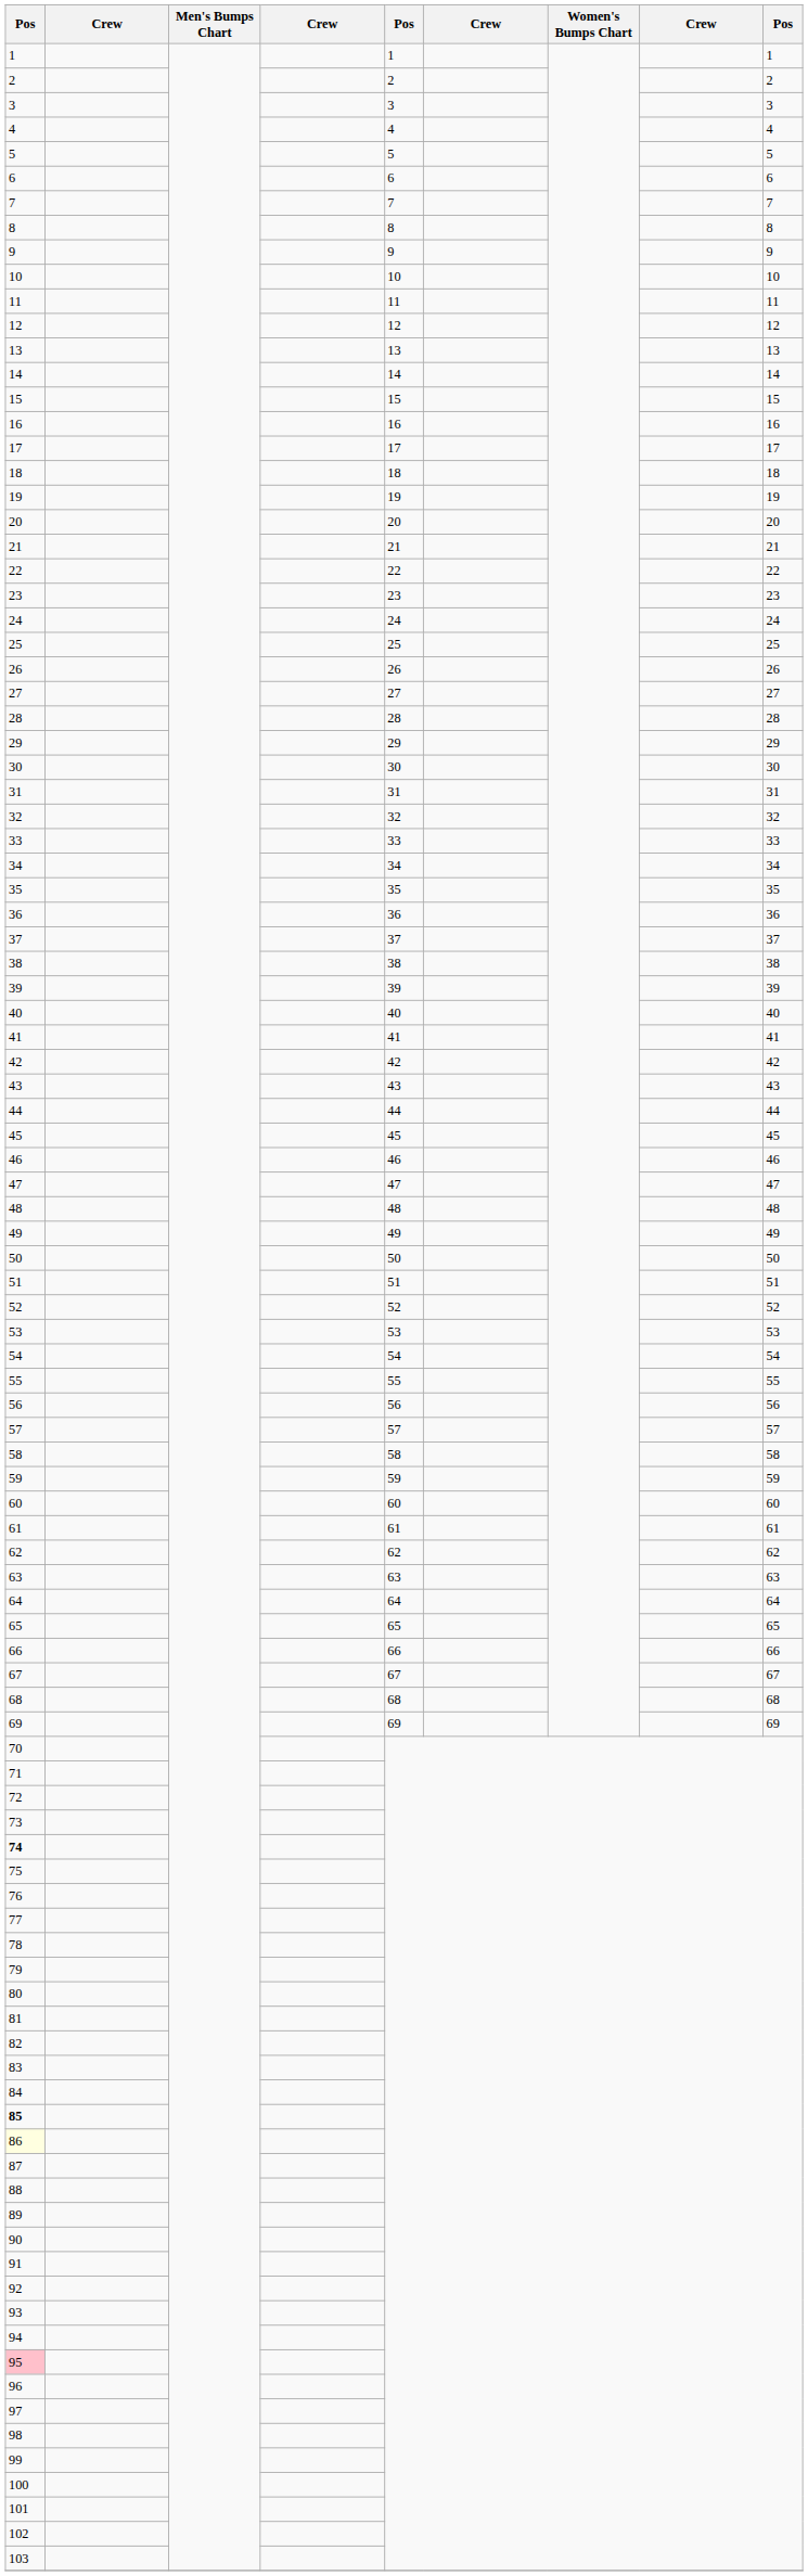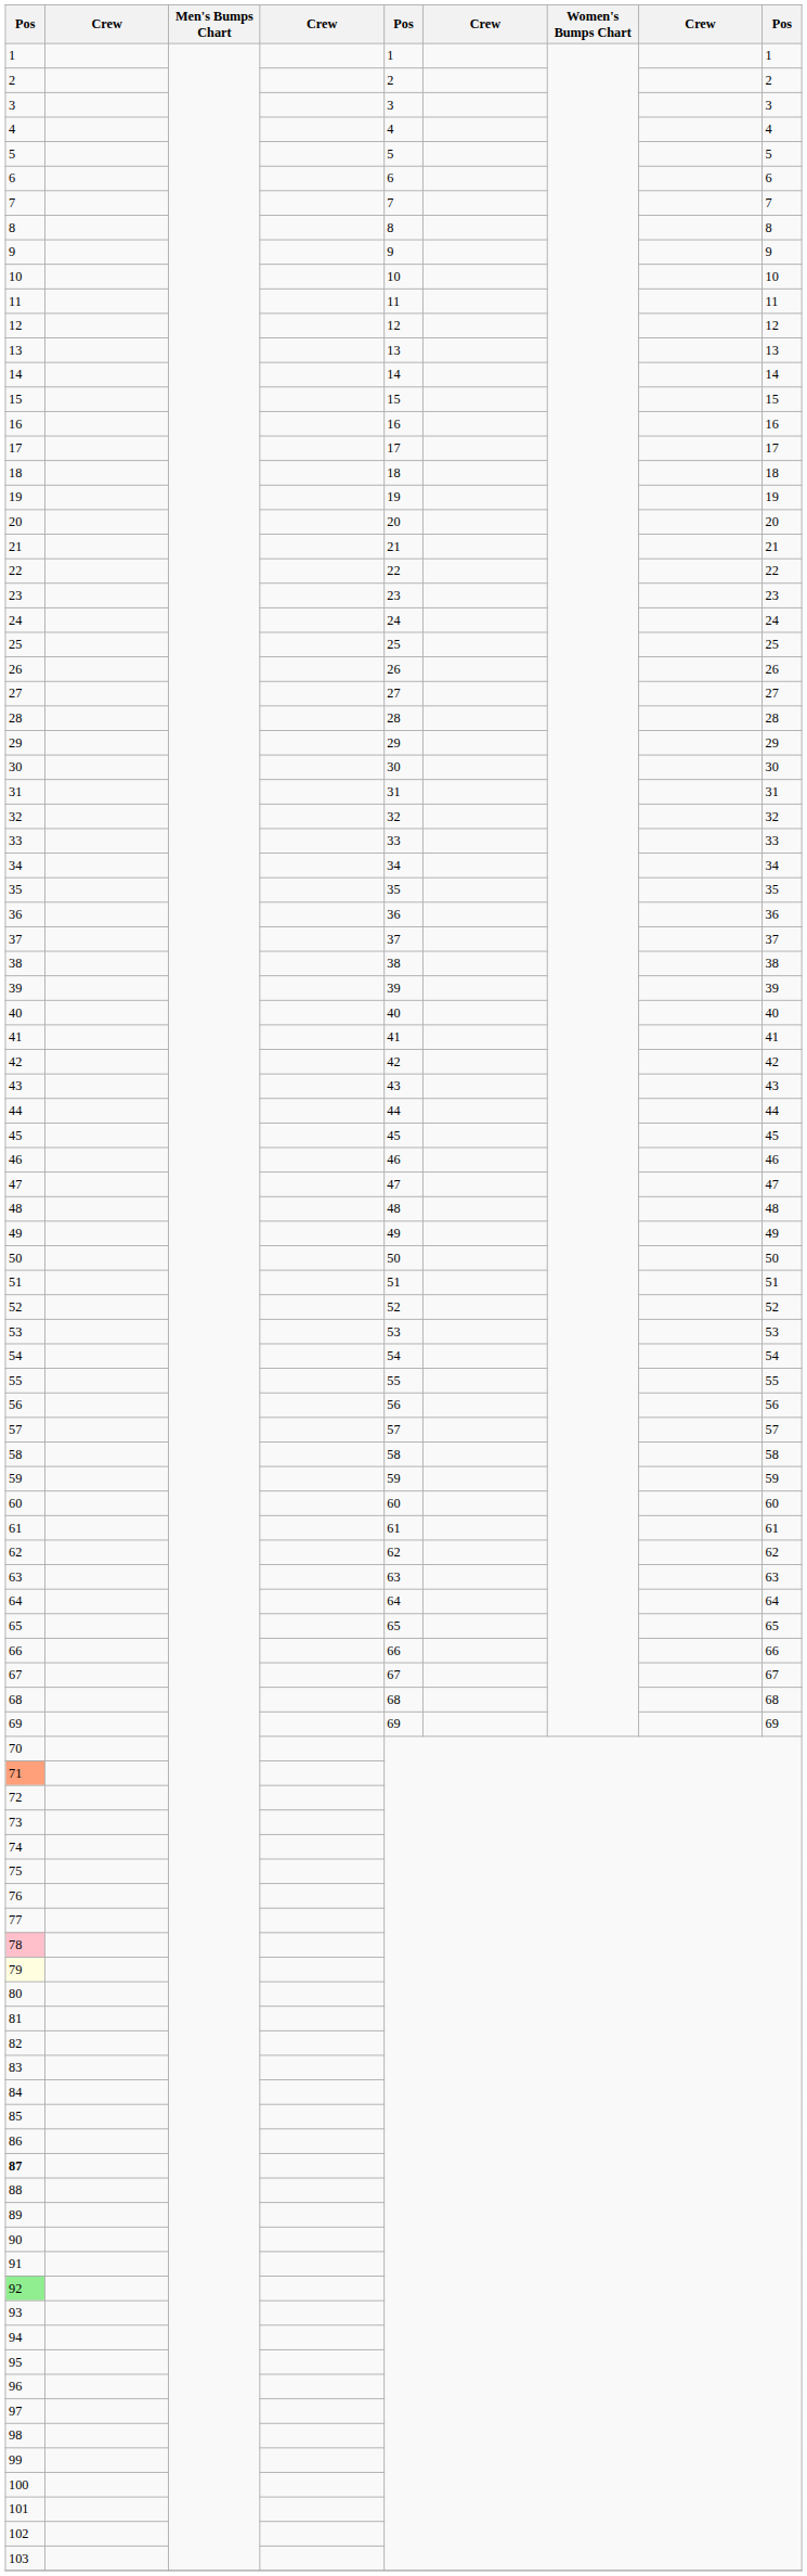 <table class="wikitable" style="font-size:88%; white-space:nowrap; margin:0.5em auto">
 <tr style="white-space:normal">
 <th width=35>Pos</th>
 <th width=125>Crew</th>
 <th width=90>Men's Bumps Chart</th>
 <th width=125>Crew</th>
 <th width=35>Pos</th>
 <th width=125>Crew</th>
 <th width=90>Women's Bumps Chart</th>
 <th width=125>Crew</th>
 <th width=35>Pos</th>
 </tr>
 <tr style="height:26px">
 <td>1</td>
 <td></td>
 <td rowspan="103"  style="padding:0"></td>
 <td></td>
 <td>1</td>
 <td></td>
 <td rowspan="69"  style="padding:0"></td>
 <td></td>
 <td>1</td>
 </tr>
 <tr style="height:26px">
 <td>2</td>
 <td></td>
 <td></td>
 <td>2</td>
 <td></td>
 <td></td>
 <td>2</td>
 </tr>
 <tr style="height:26px">
 <td>3</td>
 <td></td>
 <td></td>
 <td>3</td>
 <td></td>
 <td></td>
 <td>3</td>
 </tr>
 <tr style="height:26px">
 <td>4</td>
 <td></td>
 <td></td>
 <td>4</td>
 <td></td>
 <td></td>
 <td>4</td>
 </tr>
 <tr style="height:26px">
 <td>5</td>
 <td></td>
 <td></td>
 <td>5</td>
 <td></td>
 <td></td>
 <td>5</td>
 </tr>
 <tr style="height:26px">
 <td>6</td>
 <td></td>
 <td></td>
 <td>6</td>
 <td></td>
 <td></td>
 <td>6</td>
 </tr>
 <tr style="height:26px">
 <td>7</td>
 <td></td>
 <td></td>
 <td>7</td>
 <td></td>
 <td></td>
 <td>7</td>
 </tr>
 <tr style="height:26px">
 <td>8</td>
 <td></td>
 <td></td>
 <td>8</td>
 <td></td>
 <td></td>
 <td>8</td>
 </tr>
 <tr style="height:26px">
 <td>9</td>
 <td></td>
 <td></td>
 <td>9</td>
 <td></td>
 <td></td>
 <td>9</td>
 </tr>
 <tr style="height:26px">
 <td>10</td>
 <td></td>
 <td></td>
 <td>10</td>
 <td></td>
 <td></td>
 <td>10</td>
 </tr>
 <tr style="height:26px">
 <td>11</td>
 <td></td>
 <td></td>
 <td>11</td>
 <td></td>
 <td></td>
 <td>11</td>
 </tr>
 <tr style="height:26px">
 <td>12</td>
 <td></td>
 <td></td>
 <td>12</td>
 <td></td>
 <td></td>
 <td>12</td>
 </tr>
 <tr style="height:26px">
 <td>13</td>
 <td></td>
 <td></td>
 <td>13</td>
 <td></td>
 <td></td>
 <td>13</td>
 </tr>
 <tr style="height:26px">
 <td>14</td>
 <td></td>
 <td></td>
 <td>14</td>
 <td></td>
 <td></td>
 <td>14</td>
 </tr>
 <tr style="height:26px">
 <td>15</td>
 <td></td>
 <td></td>
 <td>15</td>
 <td></td>
 <td></td>
 <td>15</td>
 </tr>
 <tr style="height:26px">
 <td>16</td>
 <td></td>
 <td></td>
 <td>16</td>
 <td></td>
 <td></td>
 <td>16</td>
 </tr>
 <tr style="height:26px">
 <td>17</td>
 <td></td>
 <td></td>
 <td>17</td>
 <td></td>
 <td></td>
 <td>17</td>
 </tr>
 <tr style="height:26px">
 <td>18</td>
 <td></td>
 <td></td>
 <td>18</td>
 <td></td>
 <td></td>
 <td>18</td>
 </tr>
 <tr style="height:26px">
 <td>19</td>
 <td></td>
 <td></td>
 <td>19</td>
 <td></td>
 <td></td>
 <td>19</td>
 </tr>
 <tr style="height:26px">
 <td>20</td>
 <td></td>
 <td></td>
 <td>20</td>
 <td></td>
 <td></td>
 <td>20</td>
 </tr>
 <tr style="height:26px">
 <td>21</td>
 <td></td>
 <td></td>
 <td>21</td>
 <td></td>
 <td></td>
 <td>21</td>
 </tr>
 <tr style="height:26px">
 <td>22</td>
 <td></td>
 <td></td>
 <td>22</td>
 <td></td>
 <td></td>
 <td>22</td>
 </tr>
 <tr style="height:26px">
 <td>23</td>
 <td></td>
 <td></td>
 <td>23</td>
 <td></td>
 <td></td>
 <td>23</td>
 </tr>
 <tr style="height:26px">
 <td>24</td>
 <td></td>
 <td></td>
 <td>24</td>
 <td></td>
 <td></td>
 <td>24</td>
 </tr>
 <tr style="height:26px">
 <td>25</td>
 <td></td>
 <td></td>
 <td>25</td>
 <td></td>
 <td></td>
 <td>25</td>
 </tr>
 <tr style="height:26px">
 <td>26</td>
 <td></td>
 <td></td>
 <td>26</td>
 <td></td>
 <td></td>
 <td>26</td>
 </tr>
 <tr style="height:26px">
 <td>27</td>
 <td></td>
 <td></td>
 <td>27</td>
 <td></td>
 <td></td>
 <td>27</td>
 </tr>
 <tr style="height:26px">
 <td>28</td>
 <td></td>
 <td></td>
 <td>28</td>
 <td></td>
 <td></td>
 <td>28</td>
 </tr>
 <tr style="height:26px">
 <td>29</td>
 <td></td>
 <td></td>
 <td>29</td>
 <td></td>
 <td></td>
 <td>29</td>
 </tr>
 <tr style="height:26px">
 <td>30</td>
 <td></td>
 <td></td>
 <td>30</td>
 <td></td>
 <td></td>
 <td>30</td>
 </tr>
 <tr style="height:26px">
 <td>31</td>
 <td></td>
 <td></td>
 <td>31</td>
 <td></td>
 <td></td>
 <td>31</td>
 </tr>
 <tr style="height:26px">
 <td>32</td>
 <td></td>
 <td></td>
 <td>32</td>
 <td></td>
 <td></td>
 <td>32</td>
 </tr>
 <tr style="height:26px">
 <td>33</td>
 <td></td>
 <td></td>
 <td>33</td>
 <td></td>
 <td></td>
 <td>33</td>
 </tr>
 <tr style="height:26px">
 <td>34</td>
 <td></td>
 <td></td>
 <td>34</td>
 <td></td>
 <td></td>
 <td>34</td>
 </tr>
 <tr style="height:26px">
 <td>35</td>
 <td></td>
 <td></td>
 <td>35</td>
 <td></td>
 <td></td>
 <td>35</td>
 </tr>
 <tr style="height:26px">
 <td>36</td>
 <td></td>
 <td></td>
 <td>36</td>
 <td></td>
 <td></td>
 <td>36</td>
 </tr>
 <tr style="height:26px">
 <td>37</td>
 <td></td>
 <td></td>
 <td>37</td>
 <td></td>
 <td></td>
 <td>37</td>
 </tr>
 <tr style="height:26px">
 <td>38</td>
 <td></td>
 <td></td>
 <td>38</td>
 <td></td>
 <td></td>
 <td>38</td>
 </tr>
 <tr style="height:26px">
 <td>39</td>
 <td></td>
 <td></td>
 <td>39</td>
 <td></td>
 <td></td>
 <td>39</td>
 </tr>
 <tr style="height:26px">
 <td>40</td>
 <td></td>
 <td></td>
 <td>40</td>
 <td></td>
 <td></td>
 <td>40</td>
 </tr>
 <tr style="height:26px">
 <td>41</td>
 <td></td>
 <td></td>
 <td>41</td>
 <td></td>
 <td></td>
 <td>41</td>
 </tr>
 <tr style="height:26px">
 <td>42</td>
 <td></td>
 <td></td>
 <td>42</td>
 <td></td>
 <td></td>
 <td>42</td>
 </tr>
 <tr style="height:26px">
 <td>43</td>
 <td></td>
 <td></td>
 <td>43</td>
 <td></td>
 <td></td>
 <td>43</td>
 </tr>
 <tr style="height:26px">
 <td>44</td>
 <td></td>
 <td></td>
 <td>44</td>
 <td></td>
 <td></td>
 <td>44</td>
 </tr>
 <tr style="height:26px">
 <td>45</td>
 <td></td>
 <td></td>
 <td>45</td>
 <td></td>
 <td></td>
 <td>45</td>
 </tr>
 <tr style="height:26px">
 <td>46</td>
 <td></td>
 <td></td>
 <td>46</td>
 <td></td>
 <td></td>
 <td>46</td>
 </tr>
 <tr style="height:26px">
 <td>47</td>
 <td></td>
 <td></td>
 <td>47</td>
 <td></td>
 <td></td>
 <td>47</td>
 </tr>
 <tr style="height:26px">
 <td>48</td>
 <td></td>
 <td></td>
 <td>48</td>
 <td></td>
 <td></td>
 <td>48</td>
 </tr>
 <tr style="height:26px">
 <td>49</td>
 <td></td>
 <td></td>
 <td>49</td>
 <td></td>
 <td></td>
 <td>49</td>
 </tr>
 <tr style="height:26px">
 <td>50</td>
 <td></td>
 <td></td>
 <td>50</td>
 <td></td>
 <td></td>
 <td>50</td>
 </tr>
 <tr style="height:26px">
 <td>51</td>
 <td></td>
 <td></td>
 <td>51</td>
 <td></td>
 <td></td>
 <td>51</td>
 </tr>
 <tr style="height:26px">
 <td>52</td>
 <td></td>
 <td></td>
 <td>52</td>
 <td></td>
 <td></td>
 <td>52</td>
 </tr>
 <tr style="height:26px">
 <td>53</td>
 <td></td>
 <td></td>
 <td>53</td>
 <td></td>
 <td></td>
 <td>53</td>
 </tr>
 <tr style="height:26px">
 <td>54</td>
 <td></td>
 <td></td>
 <td>54</td>
 <td></td>
 <td></td>
 <td>54</td>
 </tr>
 <tr style="height:26px">
 <td>55</td>
 <td></td>
 <td></td>
 <td>55</td>
 <td></td>
 <td></td>
 <td>55</td>
 </tr>
 <tr style="height:26px">
 <td>56</td>
 <td></td>
 <td></td>
 <td>56</td>
 <td></td>
 <td></td>
 <td>56</td>
 </tr>
 <tr style="height:26px">
 <td>57</td>
 <td></td>
 <td></td>
 <td>57</td>
 <td></td>
 <td></td>
 <td>57</td>
 </tr>
 <tr style="height:26px">
 <td>58</td>
 <td></td>
 <td></td>
 <td>58</td>
 <td></td>
 <td></td>
 <td>58</td>
 </tr>
 <tr style="height:26px">
 <td>59</td>
 <td></td>
 <td></td>
 <td>59</td>
 <td></td>
 <td></td>
 <td>59</td>
 </tr>
 <tr style="height:26px">
 <td>60</td>
 <td></td>
 <td></td>
 <td>60</td>
 <td></td>
 <td></td>
 <td>60</td>
 </tr>
 <tr style="height:26px">
 <td>61</td>
 <td></td>
 <td></td>
 <td>61</td>
 <td></td>
 <td></td>
 <td>61</td>
 </tr>
 <tr style="height:26px">
 <td>62</td>
 <td></td>
 <td></td>
 <td>62</td>
 <td></td>
 <td></td>
 <td>62</td>
 </tr>
 <tr style="height:26px">
 <td>63</td>
 <td></td>
 <td></td>
 <td>63</td>
 <td></td>
 <td></td>
 <td>63</td>
 </tr>
 <tr style="height:26px">
 <td>64</td>
 <td></td>
 <td></td>
 <td>64</td>
 <td></td>
 <td></td>
 <td>64</td>
 </tr>
 <tr style="height:26px">
 <td>65</td>
 <td></td>
 <td></td>
 <td>65</td>
 <td></td>
 <td></td>
 <td>65</td>
 </tr>
 <tr style="height:26px">
 <td>66</td>
 <td></td>
 <td></td>
 <td>66</td>
 <td></td>
 <td></td>
 <td>66</td>
 </tr>
 <tr style="height:26px">
 <td>67</td>
 <td></td>
 <td></td>
 <td>67</td>
 <td></td>
 <td></td>
 <td>67</td>
 </tr>
 <tr style="height:26px">
 <td>68</td>
 <td></td>
 <td></td>
 <td>68</td>
 <td></td>
 <td></td>
 <td>68</td>
 </tr>
 <tr style="height:26px">
 <td>69</td>
 <td></td>
 <td></td>
 <td>69</td>
 <td></td>
 <td></td>
 <td>69</td>
 </tr>
 <tr style="height:26px">
 <td>70</td>
 <td></td>
 <td></td>
 <td colspan="5" rowspan="34"> </td>
 </tr>
 <tr style="height:26px">
-<td>71</td>
+<td style="background: lightsalmon;">71</td>
 <td></td>
 <td></td>
 </tr>
 <tr style="height:26px">
 <td>72</td>
 <td></td>
 <td></td>
 </tr>
 <tr style="height:26px">
 <td>73</td>
 <td></td>
 <td></td>
 </tr>
 <tr style="height:26px">
-<td><strong>74</strong></td>
+<td>74</td>
 <td></td>
 <td></td>
 </tr>
 <tr style="height:26px">
 <td>75</td>
 <td></td>
 <td></td>
 </tr>
 <tr style="height:26px">
 <td>76</td>
 <td></td>
 <td></td>
 </tr>
 <tr style="height:26px">
 <td>77</td>
 <td></td>
 <td></td>
 </tr>
 <tr style="height:26px">
-<td>78</td>
+<td style="background: pink;">78</td>
 <td></td>
 <td></td>
 </tr>
 <tr style="height:26px">
-<td>79</td>
+<td style="background: lightyellow;">79</td>
 <td></td>
 <td></td>
 </tr>
 <tr style="height:26px">
 <td>80</td>
 <td></td>
 <td></td>
 </tr>
 <tr style="height:26px">
 <td>81</td>
 <td></td>
 <td></td>
 </tr>
 <tr style="height:26px">
 <td>82</td>
 <td></td>
 <td></td>
 </tr>
 <tr style="height:26px">
 <td>83</td>
 <td></td>
 <td></td>
 </tr>
 <tr style="height:26px">
 <td>84</td>
 <td></td>
 <td></td>
 </tr>
 <tr style="height:26px">
-<td><strong>85</strong></td>
+<td>85</td>
 <td></td>
 <td></td>
 </tr>
 <tr style="height:26px">
-<td style="background: lightyellow;">86</td>
+<td>86</td>
 <td></td>
 <td></td>
 </tr>
 <tr style="height:26px">
-<td>87</td>
+<td><strong>87</strong></td>
 <td></td>
 <td></td>
 </tr>
 <tr style="height:26px">
 <td>88</td>
 <td></td>
 <td></td>
 </tr>
 <tr style="height:26px">
 <td>89</td>
 <td></td>
 <td></td>
 </tr>
 <tr style="height:26px">
 <td>90</td>
 <td></td>
 <td></td>
 </tr>
 <tr style="height:26px">
 <td>91</td>
 <td></td>
 <td></td>
 </tr>
 <tr style="height:26px">
-<td>92</td>
+<td style="background: lightgreen;">92</td>
 <td></td>
 <td></td>
 </tr>
 <tr style="height:26px">
 <td>93</td>
 <td></td>
 <td></td>
 </tr>
 <tr style="height:26px">
 <td>94</td>
 <td></td>
 <td></td>
 </tr>
 <tr style="height:26px">
-<td style="background: pink;">95</td>
+<td>95</td>
 <td></td>
 <td></td>
 </tr>
 <tr style="height:26px">
 <td>96</td>
 <td></td>
 <td></td>
 </tr>
 <tr style="height:26px">
 <td>97</td>
 <td></td>
 <td></td>
 </tr>
 <tr style="height:26px">
 <td>98</td>
 <td></td>
 <td></td>
 </tr>
 <tr style="height:26px">
 <td>99</td>
 <td></td>
 <td></td>
 </tr>
 <tr style="height:26px">
 <td>100</td>
 <td></td>
 <td></td>
 </tr>
 <tr style="height:26px">
 <td>101</td>
 <td></td>
 <td></td>
 </tr>
 <tr style="height:26px">
 <td>102</td>
 <td></td>
 <td></td>
 </tr>
 <tr style="height:26px">
 <td>103</td>
 <td></td>
 <td></td>
 </tr>
 <tr>
 </tr>
 </table>
